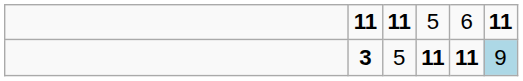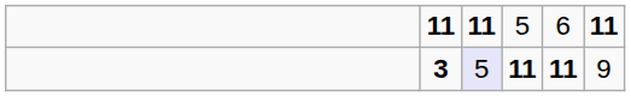 <table class="wikitable">
 <tr>
 <td style="width:15em"></td>
 <td align=center style="width:1em"><strong>11</strong></td>
 <td align=center style="width:1em"><strong>11</strong></td>
 <td align=center style="width:1em">5</td>
 <td align=center style="width:1em">6</td>
 <td align=center style="width:1em"><strong>11</strong></td>
 </tr>
 <tr>
 <td style="width:15em"></td>
 <td align=center style="width:1em"><strong>3</strong></td>
-<td align=center style="width:1em">5</td>
+<td align=center style="background: lavender; width:1em">5</td>
 <td align=center style="width:1em"><strong>11</strong></td>
 <td align=center style="width:1em"><strong>11</strong></td>
-<td align=center style="background: lightblue; width:1em">9</td>
+<td align=center style="width:1em">9</td>
 </tr>
 </table>
